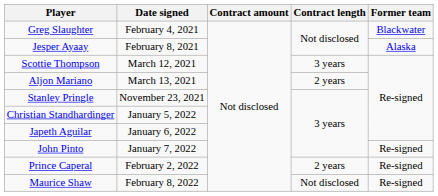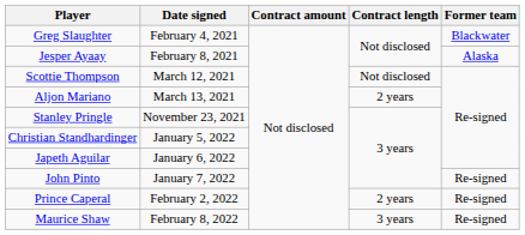 <table class="wikitable sortable sortable">
 <tr>
 <th>Player</th>
 <th>Date signed</th>
 <th>Contract amount</th>
 <th>Contract length</th>
 <th>Former team</th>
 </tr>
 <tr>
 <td align=center><a href='#'>Greg Slaughter</a></td>
 <td align=center>February 4, 2021</td>
 <td align=center rowspan=10>Not disclosed</td>
 <td align=center rowspan=2>Not disclosed</td>
 <td align=center><a href='#'>Blackwater</a></td>
 </tr>
 <tr>
 <td align=center><a href='#'>Jesper Ayaay</a></td>
 <td align=center>February 8, 2021</td>
 <td align=center><a href='#'>Alaska</a></td>
 </tr>
 <tr>
 <td align=center><a href='#'>Scottie Thompson</a></td>
 <td align=center>March 12, 2021</td>
-<td align=center>3 years</td>
+<td align=center>Not disclosed</td>
 <td align=center rowspan=5>Re-signed</td>
 </tr>
 <tr>
 <td align=center><a href='#'>Aljon Mariano</a></td>
 <td align=center>March 13, 2021</td>
 <td align=center>2 years</td>
 </tr>
 <tr>
 <td align=center><a href='#'>Stanley Pringle</a></td>
 <td align=center>November 23, 2021</td>
 <td align=center rowspan=4>3 years</td>
 </tr>
 <tr>
 <td align=center><a href='#'>Christian Standhardinger</a></td>
 <td align=center>January 5, 2022</td>
 </tr>
 <tr>
 <td align=center><a href='#'>Japeth Aguilar</a></td>
 <td align=center>January 6, 2022</td>
 </tr>
 <tr>
 <td align=center><a href='#'>John Pinto</a></td>
 <td align=center>January 7, 2022</td>
 <td align=center>Re-signed</td>
 </tr>
 <tr>
 <td align=center><a href='#'>Prince Caperal</a></td>
 <td align=center>February 2, 2022</td>
 <td align=center>2 years</td>
 <td align=center>Re-signed</td>
 </tr>
 <tr>
 <td align=center><a href='#'>Maurice Shaw</a></td>
 <td align=center>February 8, 2022</td>
-<td align=center>Not disclosed</td>
+<td align=center>3 years</td>
 <td align=center>Re-signed</td>
 </tr>
 </table>
